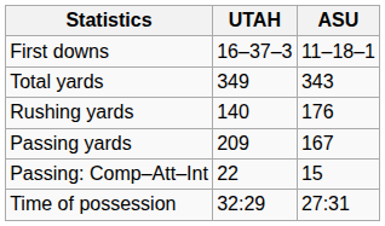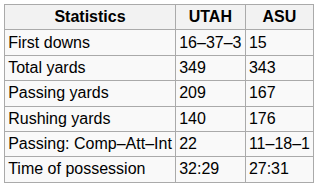 <table class="wikitable" style="float: left;">
 <tr>
 <th>Statistics</th>
 <th>UTAH</th>
 <th>ASU</th>
 </tr>
 <tr>
 <td>First downs</td>
 <td>16–37–3</td>
-<td>11–18–1</td>
+<td>15</td>
 </tr>
 <tr>
 <td>Total yards</td>
 <td>349</td>
 <td>343</td>
 </tr>
 <tr>
+<td>Passing yards</td>
+<td>209</td>
+<td>167</td>
+</tr>
+<tr>
 <td>Rushing yards</td>
 <td>140</td>
 <td>176</td>
 </tr>
 <tr>
-<td>Passing yards</td>
-<td>209</td>
-<td>167</td>
-</tr>
-<tr>
 <td>Passing: Comp–Att–Int</td>
 <td>22</td>
-<td>15</td>
+<td>11–18–1</td>
 </tr>
 <tr>
 <td>Time of possession</td>
 <td>32:29</td>
 <td>27:31</td>
 </tr>
 <tr>
 </tr>
 </table>
